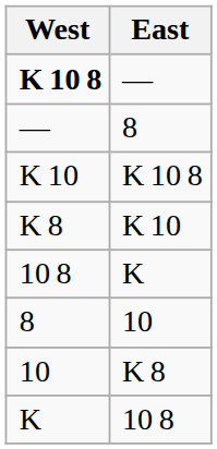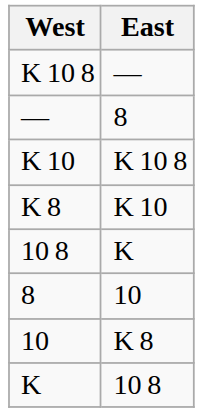 <table class="wikitable" style="float:right; margin-left:15px; margin-top:5px;">
 <tr>
 <th width="50%">West</th>
 <th width="50%">East</th>
 </tr>
 <tr>
-<td><strong> K 10 8</strong></td>
+<td> K 10 8</td>
 <td> —</td>
 </tr>
 <tr>
 <td> —</td>
 <td> 8</td>
 </tr>
 <tr>
 <td> K 10</td>
 <td> K 10 8</td>
 </tr>
 <tr>
 <td> K 8</td>
 <td> K 10</td>
 </tr>
 <tr>
 <td> 10 8</td>
 <td> K</td>
 </tr>
 <tr>
 <td> 8</td>
 <td> 10</td>
 </tr>
 <tr>
 <td> 10</td>
 <td> K 8</td>
 </tr>
 <tr>
 <td> K</td>
 <td> 10 8</td>
 </tr>
 </table>
